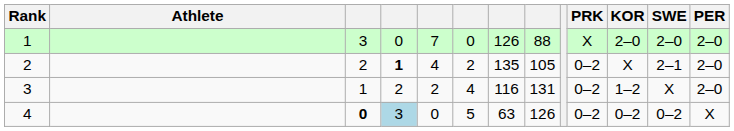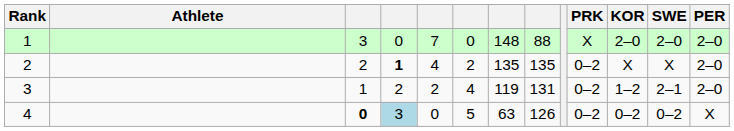 <table class="wikitable" style="text-align:center">
 <tr>
 <th width=40>Rank</th>
 <th width=300>Athlete</th>
 <th width=30></th>
 <th width=30></th>
 <th width=30></th>
 <th width=30></th>
 <th width=30></th>
 <th width=30></th>
 <th rowspan=5></th>
 <th width=30>PRK</th>
 <th width=30>KOR</th>
 <th width=30>SWE</th>
 <th width=30>PER</th>
 </tr>
 <tr style="background-color:#ccffcc;">
 <td>1</td>
 <td align=left></td>
 <td>3</td>
 <td>0</td>
 <td>7</td>
 <td>0</td>
-<td>126</td>
+<td>148</td>
 <td>88</td>
 <td>X</td>
 <td>2–0</td>
 <td>2–0</td>
 <td>2–0</td>
 </tr>
 <tr>
 <td>2</td>
 <td align=left></td>
 <td>2</td>
 <td><strong>1</strong></td>
 <td>4</td>
 <td>2</td>
 <td>135</td>
-<td>105</td>
+<td>135</td>
 <td>0–2</td>
 <td>X</td>
-<td>2–1</td>
+<td>X</td>
 <td>2–0</td>
 </tr>
 <tr>
 <td>3</td>
 <td align=left></td>
 <td>1</td>
 <td>2</td>
 <td>2</td>
 <td>4</td>
-<td>116</td>
+<td>119</td>
 <td>131</td>
 <td>0–2</td>
 <td>1–2</td>
-<td>X</td>
+<td>2–1</td>
 <td>2–0</td>
 </tr>
 <tr>
 <td>4</td>
 <td align=left></td>
 <td><strong>0</strong></td>
 <td style="background: lightblue;">3</td>
 <td>0</td>
 <td>5</td>
 <td>63</td>
 <td>126</td>
 <td>0–2</td>
 <td>0–2</td>
 <td>0–2</td>
 <td>X</td>
 </tr>
 </table>
